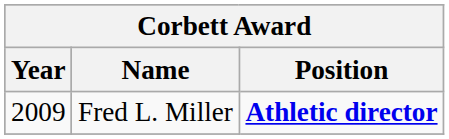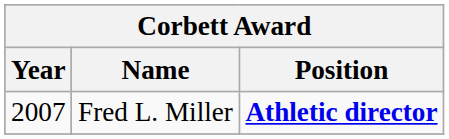 <table class="wikitable">
 <tr align="center">
 <th colspan=5>Corbett Award</th>
 </tr>
 <tr>
 <th>Year</th>
 <th>Name</th>
 <th>Position</th>
 </tr>
 <tr align="center" bgcolor="">
-<td>2009</td>
+<td>2007</td>
 <td>Fred L. Miller</td>
 <td><strong><a href='#'>Athletic director</a></strong></td>
 </tr>
 </table>
